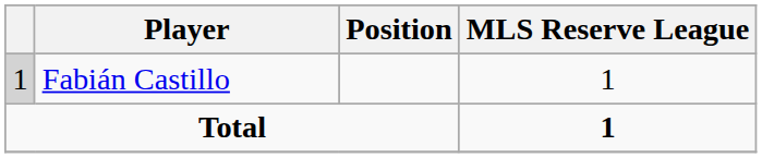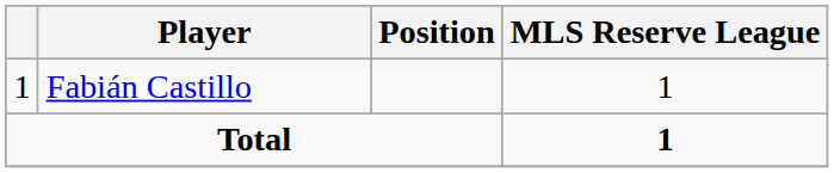 <table class="wikitable">
 <tr>
 <th></th>
 <th style="width:150px;">Player</th>
 <th>Position</th>
 <th>MLS Reserve League</th>
 </tr>
 <tr>
-<td align=center style="background: lightgrey;">1</td>
+<td align=center>1</td>
 <td> <a href='#'>Fabián Castillo</a></td>
 <td align=center></td>
 <td align=center>1</td>
 </tr>
 <tr>
 <td align=center colspan=3><strong>Total</strong></td>
 <td align=center><strong>1</strong></td>
 </tr>
 <tr>
 </tr>
 </table>
